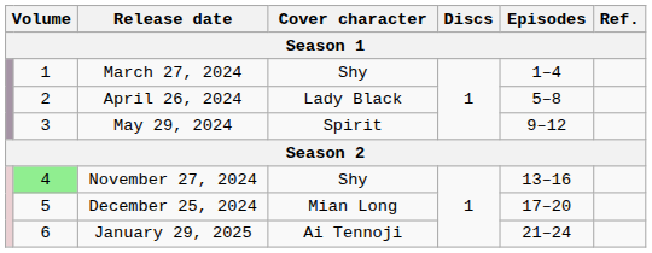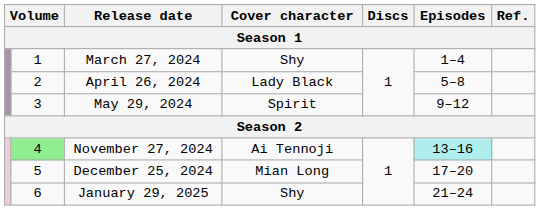 <table class="wikitable" style="text-align: center; width: 40%;">
 <tr>
 <th colspan="2">Volume</th>
 <th>Release date</th>
 <th>Cover character</th>
 <th>Discs</th>
 <th>Episodes</th>
 <th>Ref.</th>
 </tr>
 <tr>
 <th colspan="7">Season 1</th>
 </tr>
 <tr>
 <td rowspan="3" width="1%" style="background: #A594A5;"></td>
 <td>1</td>
 <td>March 27, 2024</td>
 <td>Shy</td>
 <td rowspan="3">1</td>
 <td>1–4</td>
 <td></td>
 </tr>
 <tr>
 <td>2</td>
 <td>April 26, 2024</td>
 <td>Lady Black</td>
 <td>5–8</td>
 <td></td>
 </tr>
 <tr>
 <td>3</td>
 <td>May 29, 2024</td>
 <td>Spirit</td>
 <td>9–12</td>
 <td></td>
 </tr>
 <tr>
 <th colspan="7">Season 2</th>
 </tr>
 <tr>
 <td rowspan="3" width="1%" style="background: #EBD0D3;"></td>
 <td style="background: lightgreen;">4</td>
 <td>November 27, 2024</td>
-<td>Shy</td>
+<td>Ai Tennoji</td>
 <td rowspan="3">1</td>
-<td>13–16</td>
+<td style="background: paleturquoise;">13–16</td>
 <td></td>
 </tr>
 <tr>
 <td>5</td>
 <td>December 25, 2024</td>
 <td>Mian Long</td>
 <td>17–20</td>
 <td></td>
 </tr>
 <tr>
 <td>6</td>
 <td>January 29, 2025</td>
-<td>Ai Tennoji</td>
+<td>Shy</td>
 <td>21–24</td>
 <td></td>
 </tr>
 </table>
